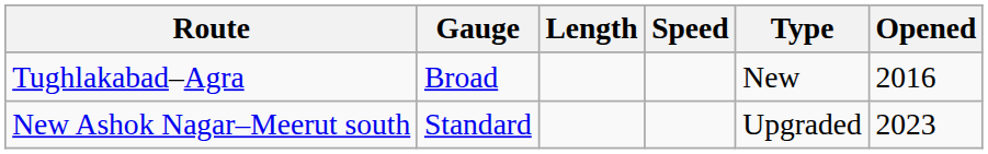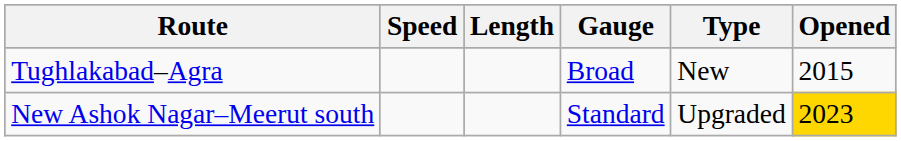 <table class="wikitable sortable">
 <tr>
 <th>Route</th>
+<th>Speed</th>
+<th>Length</th>
 <th>Gauge</th>
-<th>Length</th>
-<th>Speed</th>
 <th>Type</th>
 <th>Opened</th>
 </tr>
 <tr>
 <td><a href='#'>Tughlakabad</a>–<a href='#'>Agra</a></td>
-<td><a href='#'>Broad</a></td>
 <td></td>
 <td></td>
+<td><a href='#'>Broad</a></td>
 <td>New</td>
-<td>2016</td>
+<td>2015</td>
 </tr>
 <tr>
 <td><a href='#'>New Ashok Nagar–Meerut south</a></td>
-<td><a href='#'>Standard</a></td>
 <td></td>
 <td></td>
+<td><a href='#'>Standard</a></td>
 <td>Upgraded</td>
-<td>2023</td>
+<td style="background: gold;">2023</td>
 </tr>
 </table>
